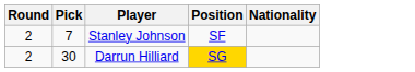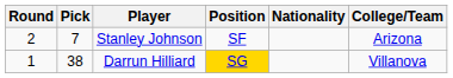 <table class="wikitable sortable sortable">
 <tr>
 <th>Round</th>
 <th>Pick</th>
 <th>Player</th>
 <th>Position</th>
 <th>Nationality</th>
+<th>College/Team</th>
 </tr>
 <tr style="text-align: center">
 <td>2</td>
 <td>7</td>
 <td><a href='#'>Stanley Johnson</a></td>
 <td><a href='#'>SF</a></td>
 <td></td>
+<td><a href='#'>Arizona</a></td>
 </tr>
 <tr style="text-align: center">
-<td>2</td>
-<td>30</td>
+<td>1</td>
+<td>38</td>
 <td><a href='#'>Darrun Hilliard</a></td>
 <td style="background: gold;"><a href='#'>SG</a></td>
 <td></td>
+<td><a href='#'>Villanova</a></td>
 </tr>
 </table>
